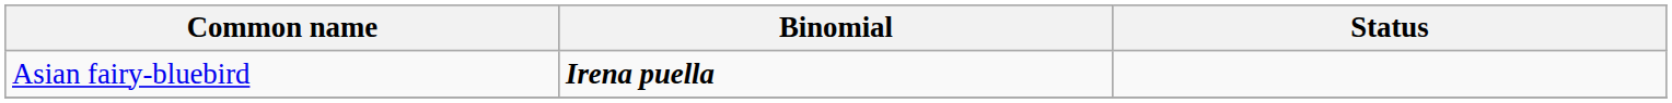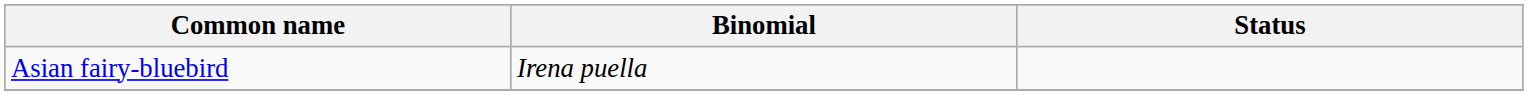 <table width=72% class="wikitable">
 <tr>
 <th width=24%>Common name</th>
 <th width=24%>Binomial</th>
 <th width=24%>Status</th>
 </tr>
 <tr>
 <td><a href='#'>Asian fairy-bluebird</a></td>
-<td><strong><em>Irena puella</em></strong></td>
+<td><em>Irena puella</em></td>
 <td></td>
 </tr>
 <tr>
 </tr>
 </table>
